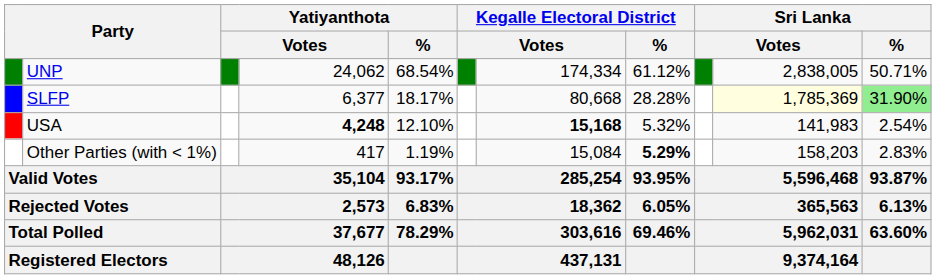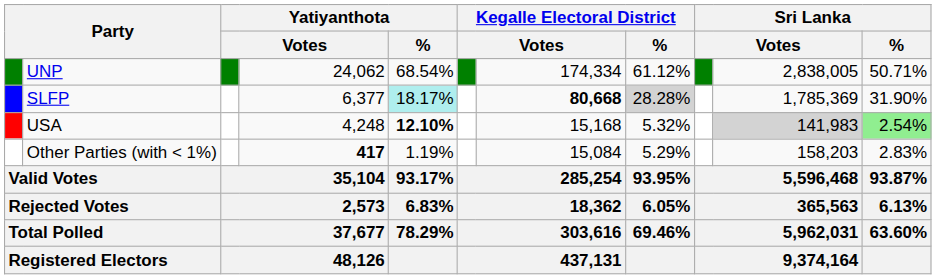 <table class="wikitable">
 <tr>
 <th colspan="2" width="144px"rowspan="2">Party</th>
 <th colspan="3" width="216px">Yatiyanthota</th>
 <th colspan="3" width="216px"><a href='#'>Kegalle Electoral District</a></th>
 <th colspan="3" width="216px">Sri Lanka</th>
 </tr>
 <tr>
 <th colspan="2" width="144px">Votes</th>
 <th>%</th>
 <th colspan="2" width="144px">Votes</th>
 <th>%</th>
 <th colspan="2" width="144px">Votes</th>
 <th>%</th>
 </tr>
 <tr>
 <td style="background-color:green;" width="10px"></td>
 <td style="text-align:left;"><a href='#'>UNP</a></td>
 <td style="background-color:green;" width="10px"></td>
 <td style="text-align:right;">24,062</td>
 <td style="text-align:right;">68.54%</td>
 <td style="background-color:green;" width="10px"></td>
 <td style="text-align:right;">174,334</td>
 <td style="text-align:right;">61.12%</td>
 <td style="background-color:green;" width="10px"></td>
 <td style="text-align:right;">2,838,005</td>
 <td style="text-align:right;">50.71%</td>
 </tr>
 <tr>
 <td style="background-color:blue;" width="10px"></td>
 <td style="text-align:left;"><a href='#'>SLFP</a></td>
 <td style="background-color:white;" width="10px"></td>
 <td style="text-align:right;">6,377</td>
-<td style="text-align:right;">18.17%</td>
+<td style="background: paleturquoise; text-align:right;">18.17%</td>
 <td style="background-color:white;" width="10px"></td>
-<td style="text-align:right;">80,668</td>
-<td style="text-align:right;">28.28%</td>
+<td style="text-align:right;"><strong>80,668</strong></td>
+<td style="background: lightgrey; text-align:right;">28.28%</td>
 <td style="background-color:white;" width="10px"></td>
-<td style="background: lightyellow; text-align:right;">1,785,369</td>
-<td style="background: lightgreen; text-align:right;">31.90%</td>
+<td style="text-align:right;">1,785,369</td>
+<td style="text-align:right;">31.90%</td>
 </tr>
 <tr>
 <td style="background-color:red;" width="10px"></td>
 <td style="text-align:left;">USA</td>
 <td style="background-color:white;" width="10px"></td>
-<td style="text-align:right;"><strong>4,248</strong></td>
-<td style="text-align:right;">12.10%</td>
+<td style="text-align:right;">4,248</td>
+<td style="text-align:right;"><strong>12.10%</strong></td>
 <td style="background-color:white;" width="10px"></td>
-<td style="text-align:right;"><strong>15,168</strong></td>
+<td style="text-align:right;">15,168</td>
 <td style="text-align:right;">5.32%</td>
 <td style="background-color:white;" width="10px"></td>
-<td style="text-align:right;">141,983</td>
-<td style="text-align:right;">2.54%</td>
+<td style="background: lightgrey; text-align:right;">141,983</td>
+<td style="background: lightgreen; text-align:right;">2.54%</td>
 </tr>
 <tr>
 <td style="background-color:white;" width="10px"></td>
 <td style="text-align:left;">Other Parties (with < 1%)</td>
 <td style="background-color:white;" width="10px"></td>
-<td style="text-align:right;">417</td>
+<td style="text-align:right;"><strong>417</strong></td>
 <td style="text-align:right;">1.19%</td>
 <td style="background-color:white;" width="10px"></td>
 <td style="text-align:right;">15,084</td>
-<td style="text-align:right;"><strong>5.29%</strong></td>
+<td style="text-align:right;">5.29%</td>
 <td style="background-color:white;" width="10px"></td>
 <td style="text-align:right;">158,203</td>
 <td style="text-align:right;">2.83%</td>
 </tr>
 <tr>
 <th colspan="2" width="144px"style="text-align:left;">Valid Votes</th>
 <th style="text-align:right;"colspan="2" width="144px">35,104</th>
 <th style="text-align:right;">93.17%</th>
 <th style="text-align:right;"colspan="2" width="144px">285,254</th>
 <th style="text-align:right;">93.95%</th>
 <th style="text-align:right;"colspan="2" width="144px">5,596,468</th>
 <th style="text-align:right;">93.87%</th>
 </tr>
 <tr>
 <th colspan="2" width="144px"style="text-align:left;">Rejected Votes</th>
 <th style="text-align:right;"colspan="2" width="144px">2,573</th>
 <th style="text-align:right;">6.83%</th>
 <th style="text-align:right;"colspan="2" width="144px">18,362</th>
 <th style="text-align:right;">6.05%</th>
 <th style="text-align:right;"colspan="2" width="144px">365,563</th>
 <th style="text-align:right;">6.13%</th>
 </tr>
 <tr>
 <th colspan="2" width="144px"style="text-align:left;">Total Polled</th>
 <th style="text-align:right;"colspan="2" width="144px">37,677</th>
 <th style="text-align:right;">78.29%</th>
 <th style="text-align:right;"colspan="2" width="144px">303,616</th>
 <th style="text-align:right;">69.46%</th>
 <th style="text-align:right;"colspan="2" width="144px">5,962,031</th>
 <th style="text-align:right;">63.60%</th>
 </tr>
 <tr>
 <th colspan="2" width="144px"style="text-align:left;">Registered Electors</th>
 <th style="text-align:right;"colspan="2" width="144px">48,126</th>
 <th></th>
 <th style="text-align:right;"colspan="2" width="144px">437,131</th>
 <th></th>
 <th style="text-align:right;"colspan="2" width="144px">9,374,164</th>
 <th></th>
 </tr>
 </table>
